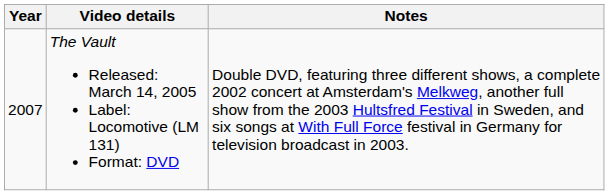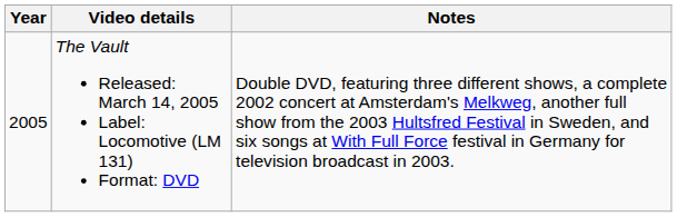 <table class="wikitable">
 <tr>
 <th width="5">Year</th>
 <th width="160">Video details</th>
 <th width="400">Notes</th>
 </tr>
 <tr>
-<td>2007</td>
+<td>2005</td>
 <td><em>The Vault</em><br><ul><li>Released: March 14, 2005</li><li>Label: Locomotive (LM 131)</li><li>Format: <a href='#'>DVD</a></li></ul></td>
 <td>Double DVD, featuring three different shows, a complete 2002 concert at Amsterdam's <a href='#'>Melkweg</a>, another full show from the 2003 <a href='#'>Hultsfred Festival</a> in Sweden, and six songs at <a href='#'>With Full Force</a> festival in Germany for television broadcast in 2003.</td>
 </tr>
 </table>
